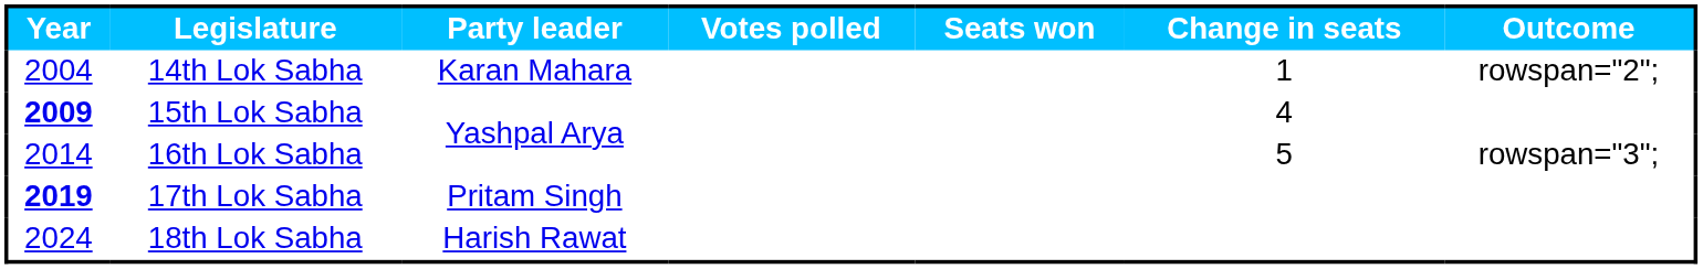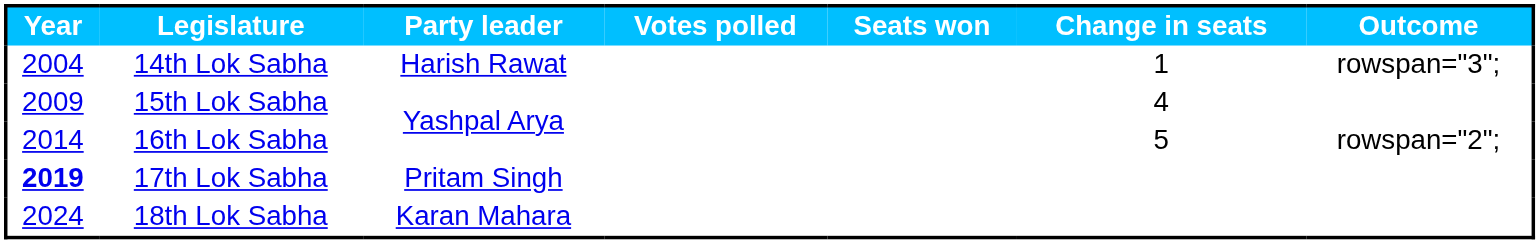 <table class="sortable" cellspacing="0" cellpadding="2" style="border-collapse: collapse; border: 2px #000000 solid; font-size: x-big; width:70%; border:1">
 <tr style="background-color:#00BFFF; color:white">
 <th>Year</th>
 <th>Legislature</th>
 <th>Party leader</th>
 <th>Votes polled</th>
 <th>Seats won</th>
 <th>Change in seats</th>
 <th>Outcome</th>
 </tr>
 <tr style="text-align:center;">
 <td><a href='#'>2004</a></td>
 <td><a href='#'>14th Lok Sabha</a></td>
-<td><a href='#'>Karan Mahara</a></td>
+<td><a href='#'>Harish Rawat</a></td>
 <td></td>
 <td></td>
 <td> 1</td>
-<td>rowspan="2"; </td>
+<td>rowspan="3"; </td>
 </tr>
 <tr style="text-align:center;">
-<td><strong><a href='#'>2009</a></strong></td>
+<td><a href='#'>2009</a></td>
 <td><a href='#'>15th Lok Sabha</a></td>
 <td rowspan="2"><a href='#'>Yashpal Arya</a></td>
 <td></td>
 <td></td>
 <td> 4</td>
 </tr>
 <tr style="text-align:center;">
 <td><a href='#'>2014</a></td>
 <td><a href='#'>16th Lok Sabha</a></td>
 <td></td>
 <td></td>
 <td> 5</td>
-<td>rowspan="3"; </td>
+<td>rowspan="2"; </td>
 </tr>
 <tr style="text-align:center;">
 <td><strong><a href='#'>2019</a></strong></td>
 <td><a href='#'>17th Lok Sabha</a></td>
 <td><a href='#'>Pritam Singh</a></td>
 <td></td>
 <td></td>
 <td></td>
 </tr>
 <tr style="text-align:center;">
 <td><a href='#'>2024</a></td>
 <td><a href='#'>18th Lok Sabha</a></td>
-<td><a href='#'>Harish Rawat</a></td>
+<td><a href='#'>Karan Mahara</a></td>
 <td></td>
 <td></td>
 <td></td>
 </tr>
 </table>
